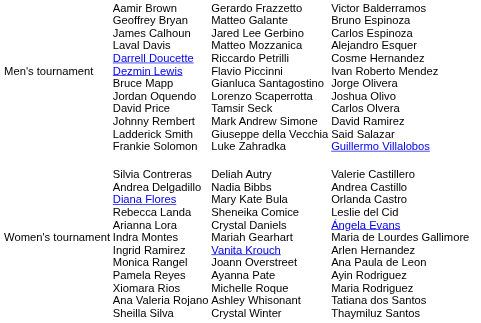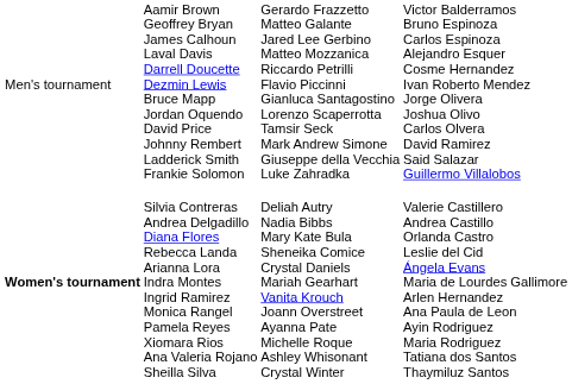 <table>
 <tr>
 <td>Men's tournament</td>
 <td nowrap><br>Aamir Brown<br>Geoffrey Bryan<br>James Calhoun<br>Laval Davis<br><a href='#'>Darrell Doucette</a><br><a href='#'>Dezmin Lewis</a><br>Bruce Mapp<br>Jordan Oquendo<br>David Price<br>Johnny Rembert<br>Ladderick Smith<br>Frankie Solomon</td>
 <td nowrap><br>Gerardo Frazzetto<br>Matteo Galante<br>Jared Lee Gerbino<br>Matteo Mozzanica<br>Riccardo Petrilli<br>Flavio Piccinni<br>Gianluca Santagostino<br>Lorenzo Scaperrotta<br>Tamsir Seck<br>Mark Andrew Simone<br>Giuseppe della Vecchia<br>Luke Zahradka</td>
 <td><br>Victor Balderramos<br>Bruno Espinoza<br>Carlos Espinoza<br>Alejandro Esquer<br>Cosme Hernandez<br>Ivan Roberto Mendez<br>Jorge Olivera<br>Joshua Olivo<br>Carlos Olvera<br>David Ramirez<br>Said Salazar<br><a href='#'>Guillermo Villalobos</a></td>
 </tr>
 <tr>
-<td nowrap>Women's tournament</td>
+<td nowrap><strong>Women's tournament</strong></td>
 <td nowrap><br>Silvia Contreras<br>Andrea Delgadillo<br><a href='#'>Diana Flores</a><br>Rebecca Landa<br>Arianna Lora<br>Indra Montes<br>Ingrid Ramirez<br>Monica Rangel<br>Pamela Reyes<br>Xiomara Rios<br>Ana Valeria Rojano<br>Sheilla Silva</td>
 <td><br>Deliah Autry<br>Nadia Bibbs<br>Mary Kate Bula<br>Sheneika Comice<br>Crystal Daniels<br>Mariah Gearhart<br><a href='#'>Vanita Krouch</a><br>Joann Overstreet<br>Ayanna Pate<br>Michelle Roque<br>Ashley Whisonant<br>Crystal Winter</td>
 <td nowrap><br>Valerie Castillero<br>Andrea Castillo<br>Orlanda Castro<br>Leslie del Cid<br><a href='#'>Ángela Evans</a><br>Maria de Lourdes Gallimore<br>Arlen Hernandez<br>Ana Paula de Leon<br>Ayin Rodriguez<br>Maria Rodriguez<br>Tatiana dos Santos<br>Thaymiluz Santos</td>
 </tr>
 </table>
